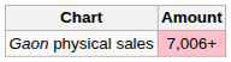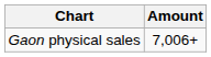 <table class="wikitable">
 <tr>
 <th>Chart</th>
 <th>Amount</th>
 </tr>
 <tr>
 <td><em>Gaon</em> physical sales</td>
-<td style="background: pink; text-align:center;">7,006+</td>
+<td style="text-align:center;">7,006+</td>
 </tr>
 </table>
